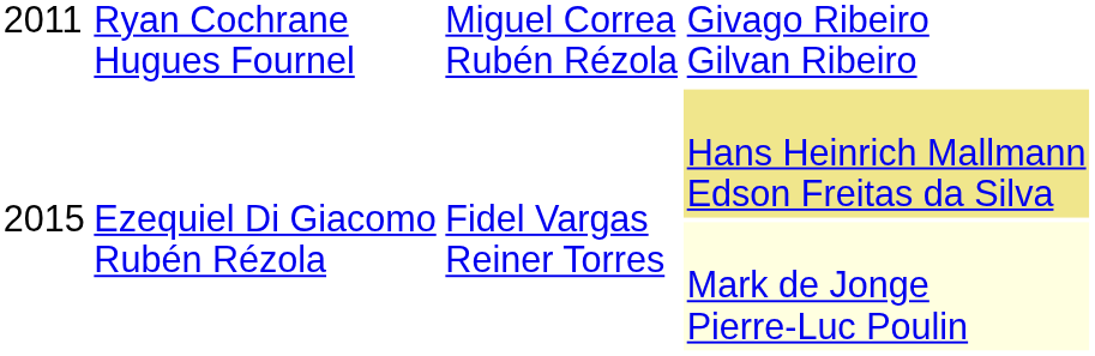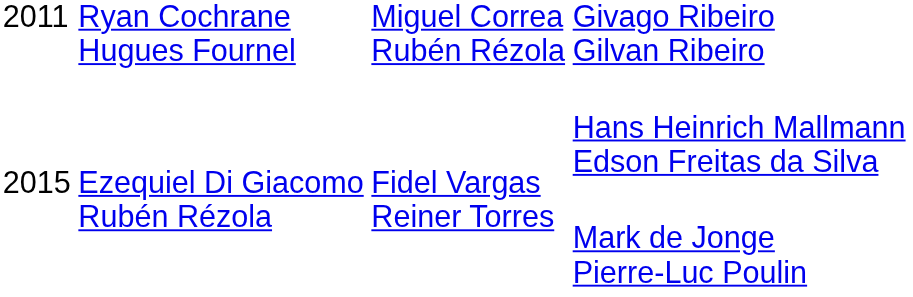 <table>
 <tr>
 <td>2011<br></td>
 <td><br><a href='#'>Ryan Cochrane</a><br><a href='#'>Hugues Fournel</a></td>
 <td><br><a href='#'>Miguel Correa</a><br><a href='#'>Rubén Rézola</a></td>
 <td><br><a href='#'>Givago Ribeiro</a><br><a href='#'>Gilvan Ribeiro</a></td>
 </tr>
 <tr>
 <td rowspan=2>2015<br></td>
 <td rowspan=2><br><a href='#'>Ezequiel Di Giacomo</a><br><a href='#'>Rubén Rézola</a></td>
 <td rowspan=2><br><a href='#'>Fidel Vargas</a><br><a href='#'>Reiner Torres</a></td>
-<td style="background: khaki;"><br><a href='#'>Hans Heinrich Mallmann</a><br><a href='#'>Edson Freitas da Silva</a></td>
+<td><br><a href='#'>Hans Heinrich Mallmann</a><br><a href='#'>Edson Freitas da Silva</a></td>
 </tr>
 <tr>
-<td style="background: lightyellow;"><br><a href='#'>Mark de Jonge</a><br><a href='#'>Pierre-Luc Poulin</a></td>
+<td><br><a href='#'>Mark de Jonge</a><br><a href='#'>Pierre-Luc Poulin</a></td>
 </tr>
 </table>
